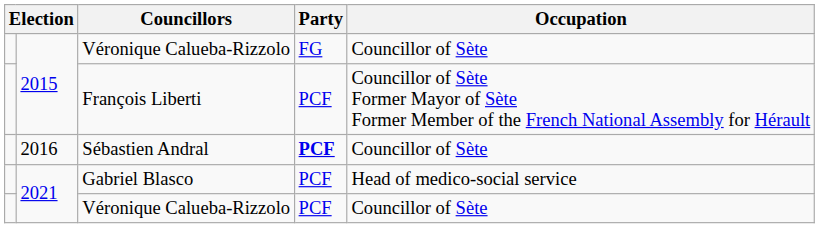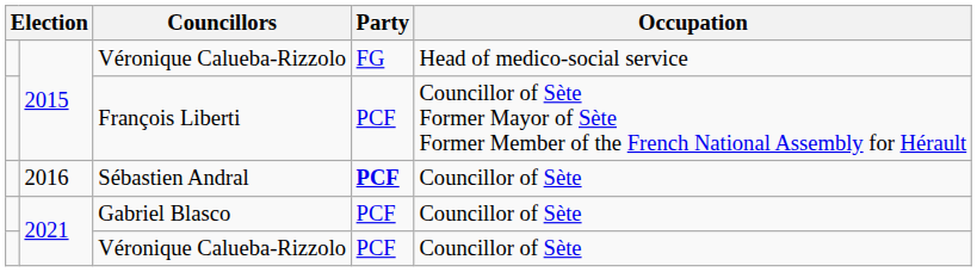 <table class="wikitable">
 <tr>
 <th colspan="2">Election</th>
 <th>Councillors</th>
 <th>Party</th>
 <th>Occupation</th>
 </tr>
 <tr>
 <td style="background-color: "></td>
 <td rowspan="2"><a href='#'>2015</a></td>
 <td>Véronique Calueba-Rizzolo</td>
 <td><a href='#'>FG</a></td>
-<td>Councillor of <a href='#'>Sète</a></td>
+<td>Head of medico-social service</td>
 </tr>
 <tr>
 <td style="background-color: "></td>
 <td>François Liberti</td>
 <td><a href='#'>PCF</a></td>
 <td>Councillor of <a href='#'>Sète</a><br>Former Mayor of <a href='#'>Sète</a><br>Former Member of the <a href='#'>French National Assembly</a> for <a href='#'>Hérault</a></td>
 </tr>
 <tr>
 <td style="background-color: "></td>
 <td>2016</td>
 <td>Sébastien Andral</td>
 <td><strong><a href='#'>PCF</a></strong></td>
 <td>Councillor of <a href='#'>Sète</a></td>
 </tr>
 <tr>
 <td style="background-color: "></td>
 <td rowspan="2"><a href='#'>2021</a></td>
 <td>Gabriel Blasco</td>
 <td><a href='#'>PCF</a></td>
-<td>Head of medico-social service</td>
+<td>Councillor of <a href='#'>Sète</a></td>
 </tr>
 <tr>
 <td style="background-color: "></td>
 <td>Véronique Calueba-Rizzolo</td>
 <td><a href='#'>PCF</a></td>
 <td>Councillor of <a href='#'>Sète</a></td>
 </tr>
 </table>
